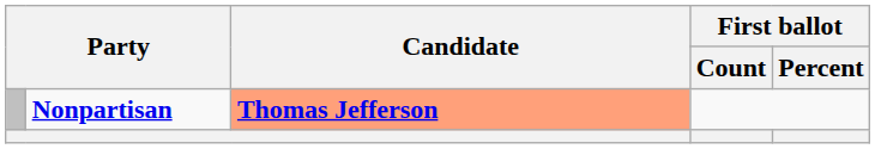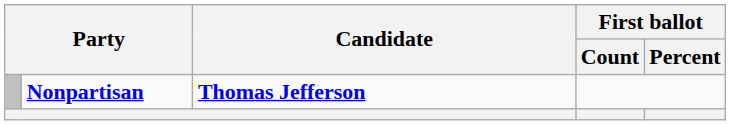 <table class=wikitable>
 <tr>
 <th colspan=2 rowspan=2 style="width: 130px">Party</th>
 <th rowspan=2 style="width: 17em">Candidate</th>
 <th colspan=2>First ballot</th>
 </tr>
 <tr>
 <th style="width: 2.5em">Count</th>
 <th style="width: 2.5em">Percent</th>
 </tr>
 <tr>
 <td style="background-color:#C0C0C0; width:5px;"></td>
 <td><strong><a href='#'>Nonpartisan</a></strong></td>
-<td style="background: lightsalmon;"><strong><a href='#'>Thomas Jefferson</a></strong></td>
+<td><strong><a href='#'>Thomas Jefferson</a></strong></td>
 <td align=right colspan=2></td>
 </tr>
 <tr>
 <th colspan=3></th>
 <th></th>
 <th></th>
 </tr>
 </table>
